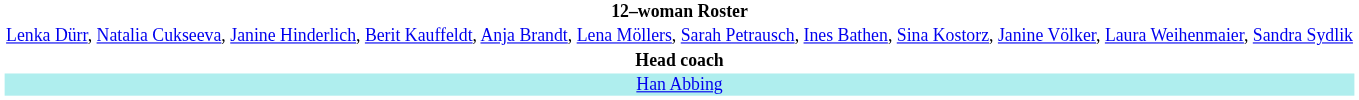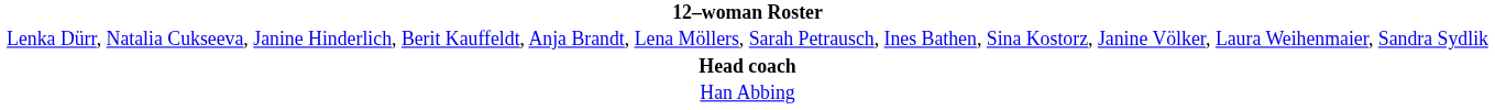 <table style="text-align: center; margin-top: 2em; margin-left: auto; margin-right: auto">
 <tr>
 <td><strong>12–woman Roster</strong></td>
 </tr>
 <tr>
 <td><a href='#'>Lenka Dürr</a>, <a href='#'>Natalia Cukseeva</a>,  <a href='#'>Janine Hinderlich</a>, <a href='#'>Berit Kauffeldt</a>, <a href='#'>Anja Brandt</a>, <a href='#'>Lena Möllers</a>, <a href='#'>Sarah Petrausch</a>, <a href='#'>Ines Bathen</a>, <a href='#'>Sina Kostorz</a>, <a href='#'>Janine Völker</a>, <a href='#'>Laura Weihenmaier</a>, <a href='#'>Sandra Sydlik</a></td>
 </tr>
 <tr>
 <td><strong>Head coach</strong></td>
 </tr>
 <tr>
-<td style="background: paleturquoise;"><a href='#'>Han Abbing</a></td>
+<td><a href='#'>Han Abbing</a></td>
 </tr>
 </table>
